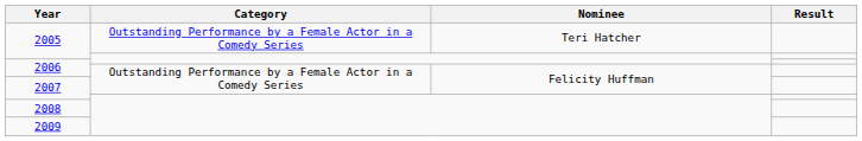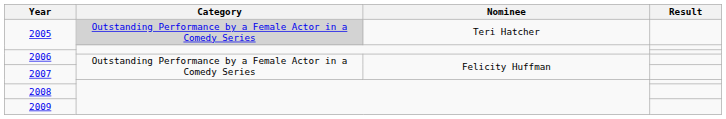 <table class="wikitable" width="80%">
 <tr>
 <th width="10%">Year</th>
 <th width="40%">Category</th>
 <th width="40%">Nominee</th>
 <th width="10%">Result</th>
 </tr>
 <tr>
 <td rowspan="2" align="center"><a href='#'>2005</a></td>
-<td align="center"><a href='#'>Outstanding Performance by a Female Actor in a Comedy Series</a></td>
+<td align="center" style="background: lightgrey;"><a href='#'>Outstanding Performance by a Female Actor in a Comedy Series</a></td>
 <td align="center">Teri Hatcher</td>
 <td></td>
 </tr>
 <tr>
 <td rowspan="2" colspan="2" align="center"></td>
 <td></td>
 </tr>
 <tr>
 <td rowspan="2" align="center"><a href='#'>2006</a></td>
 <td></td>
 </tr>
 <tr>
 <td rowspan="2" align="center">Outstanding Performance by a Female Actor in a Comedy Series</td>
 <td rowspan="2" align="center">Felicity Huffman</td>
 <td></td>
 </tr>
 <tr>
 <td rowspan="2" align="center"><a href='#'>2007</a></td>
 <td></td>
 </tr>
 <tr>
 <td rowspan="3" colspan="2" align="center"></td>
 <td></td>
 </tr>
 <tr>
 <td align="center"><a href='#'>2008</a></td>
 <td></td>
 </tr>
 <tr>
 <td align="center"><a href='#'>2009</a></td>
 <td></td>
 </tr>
 </table>
